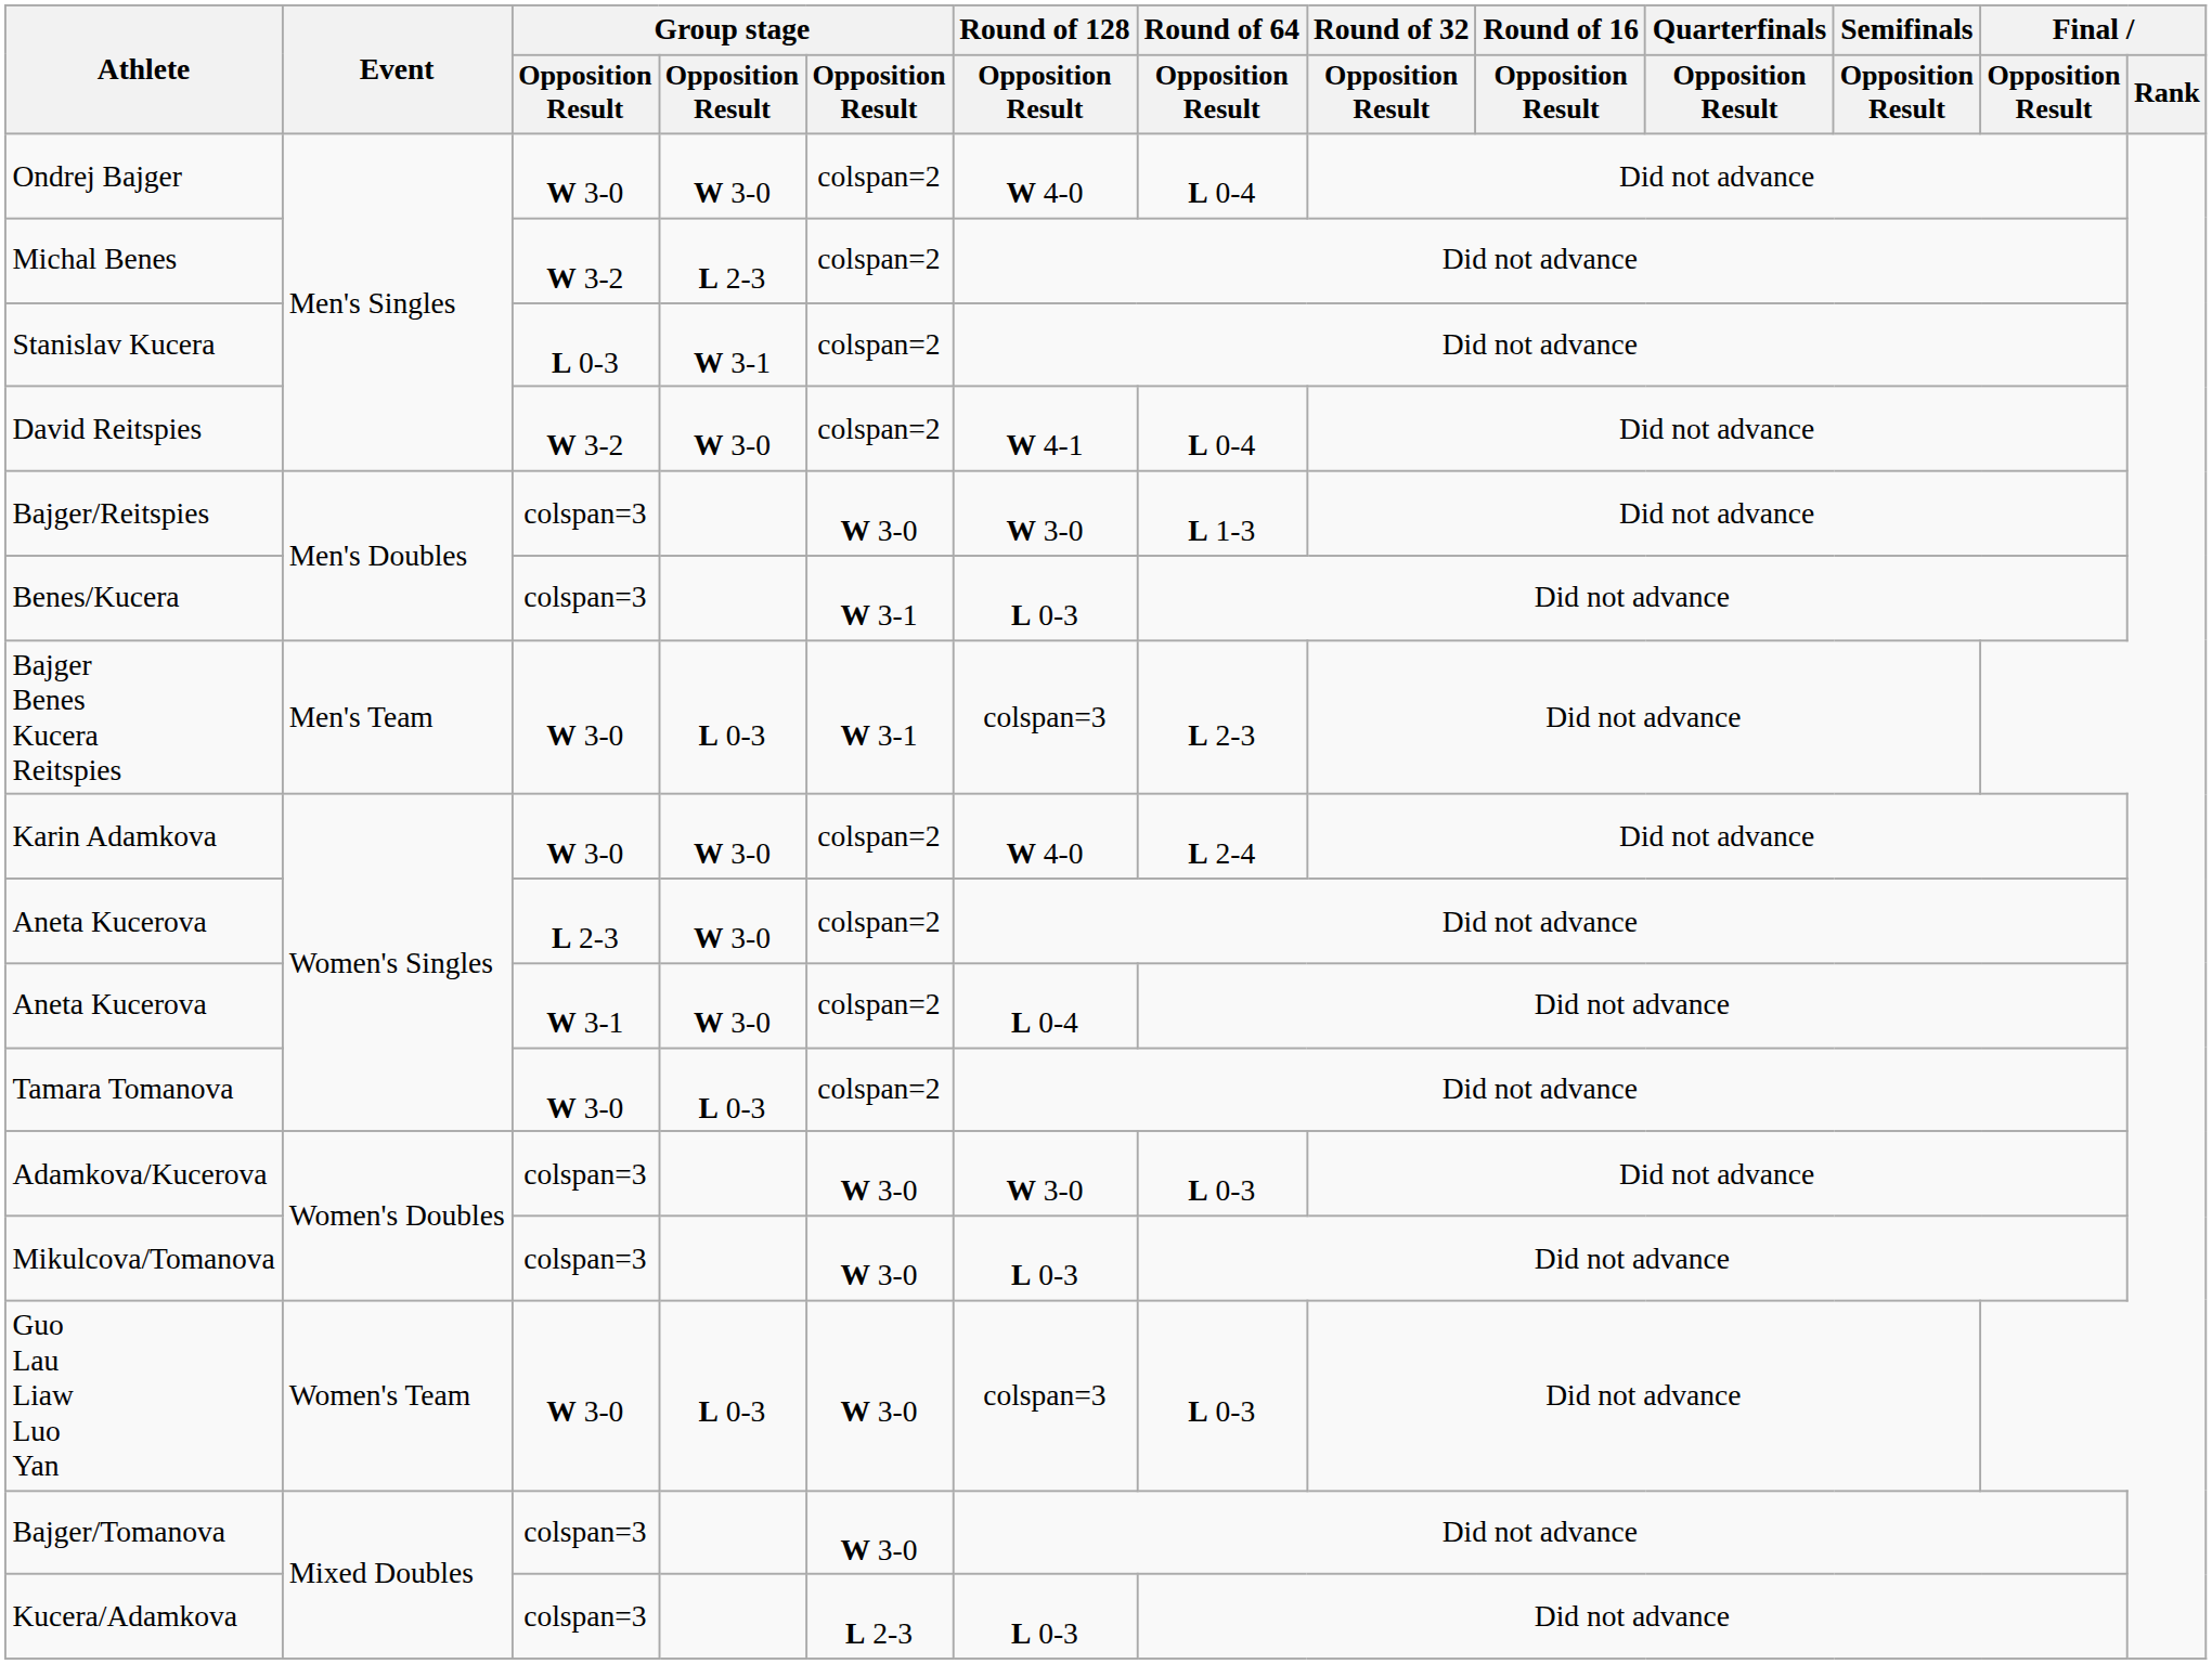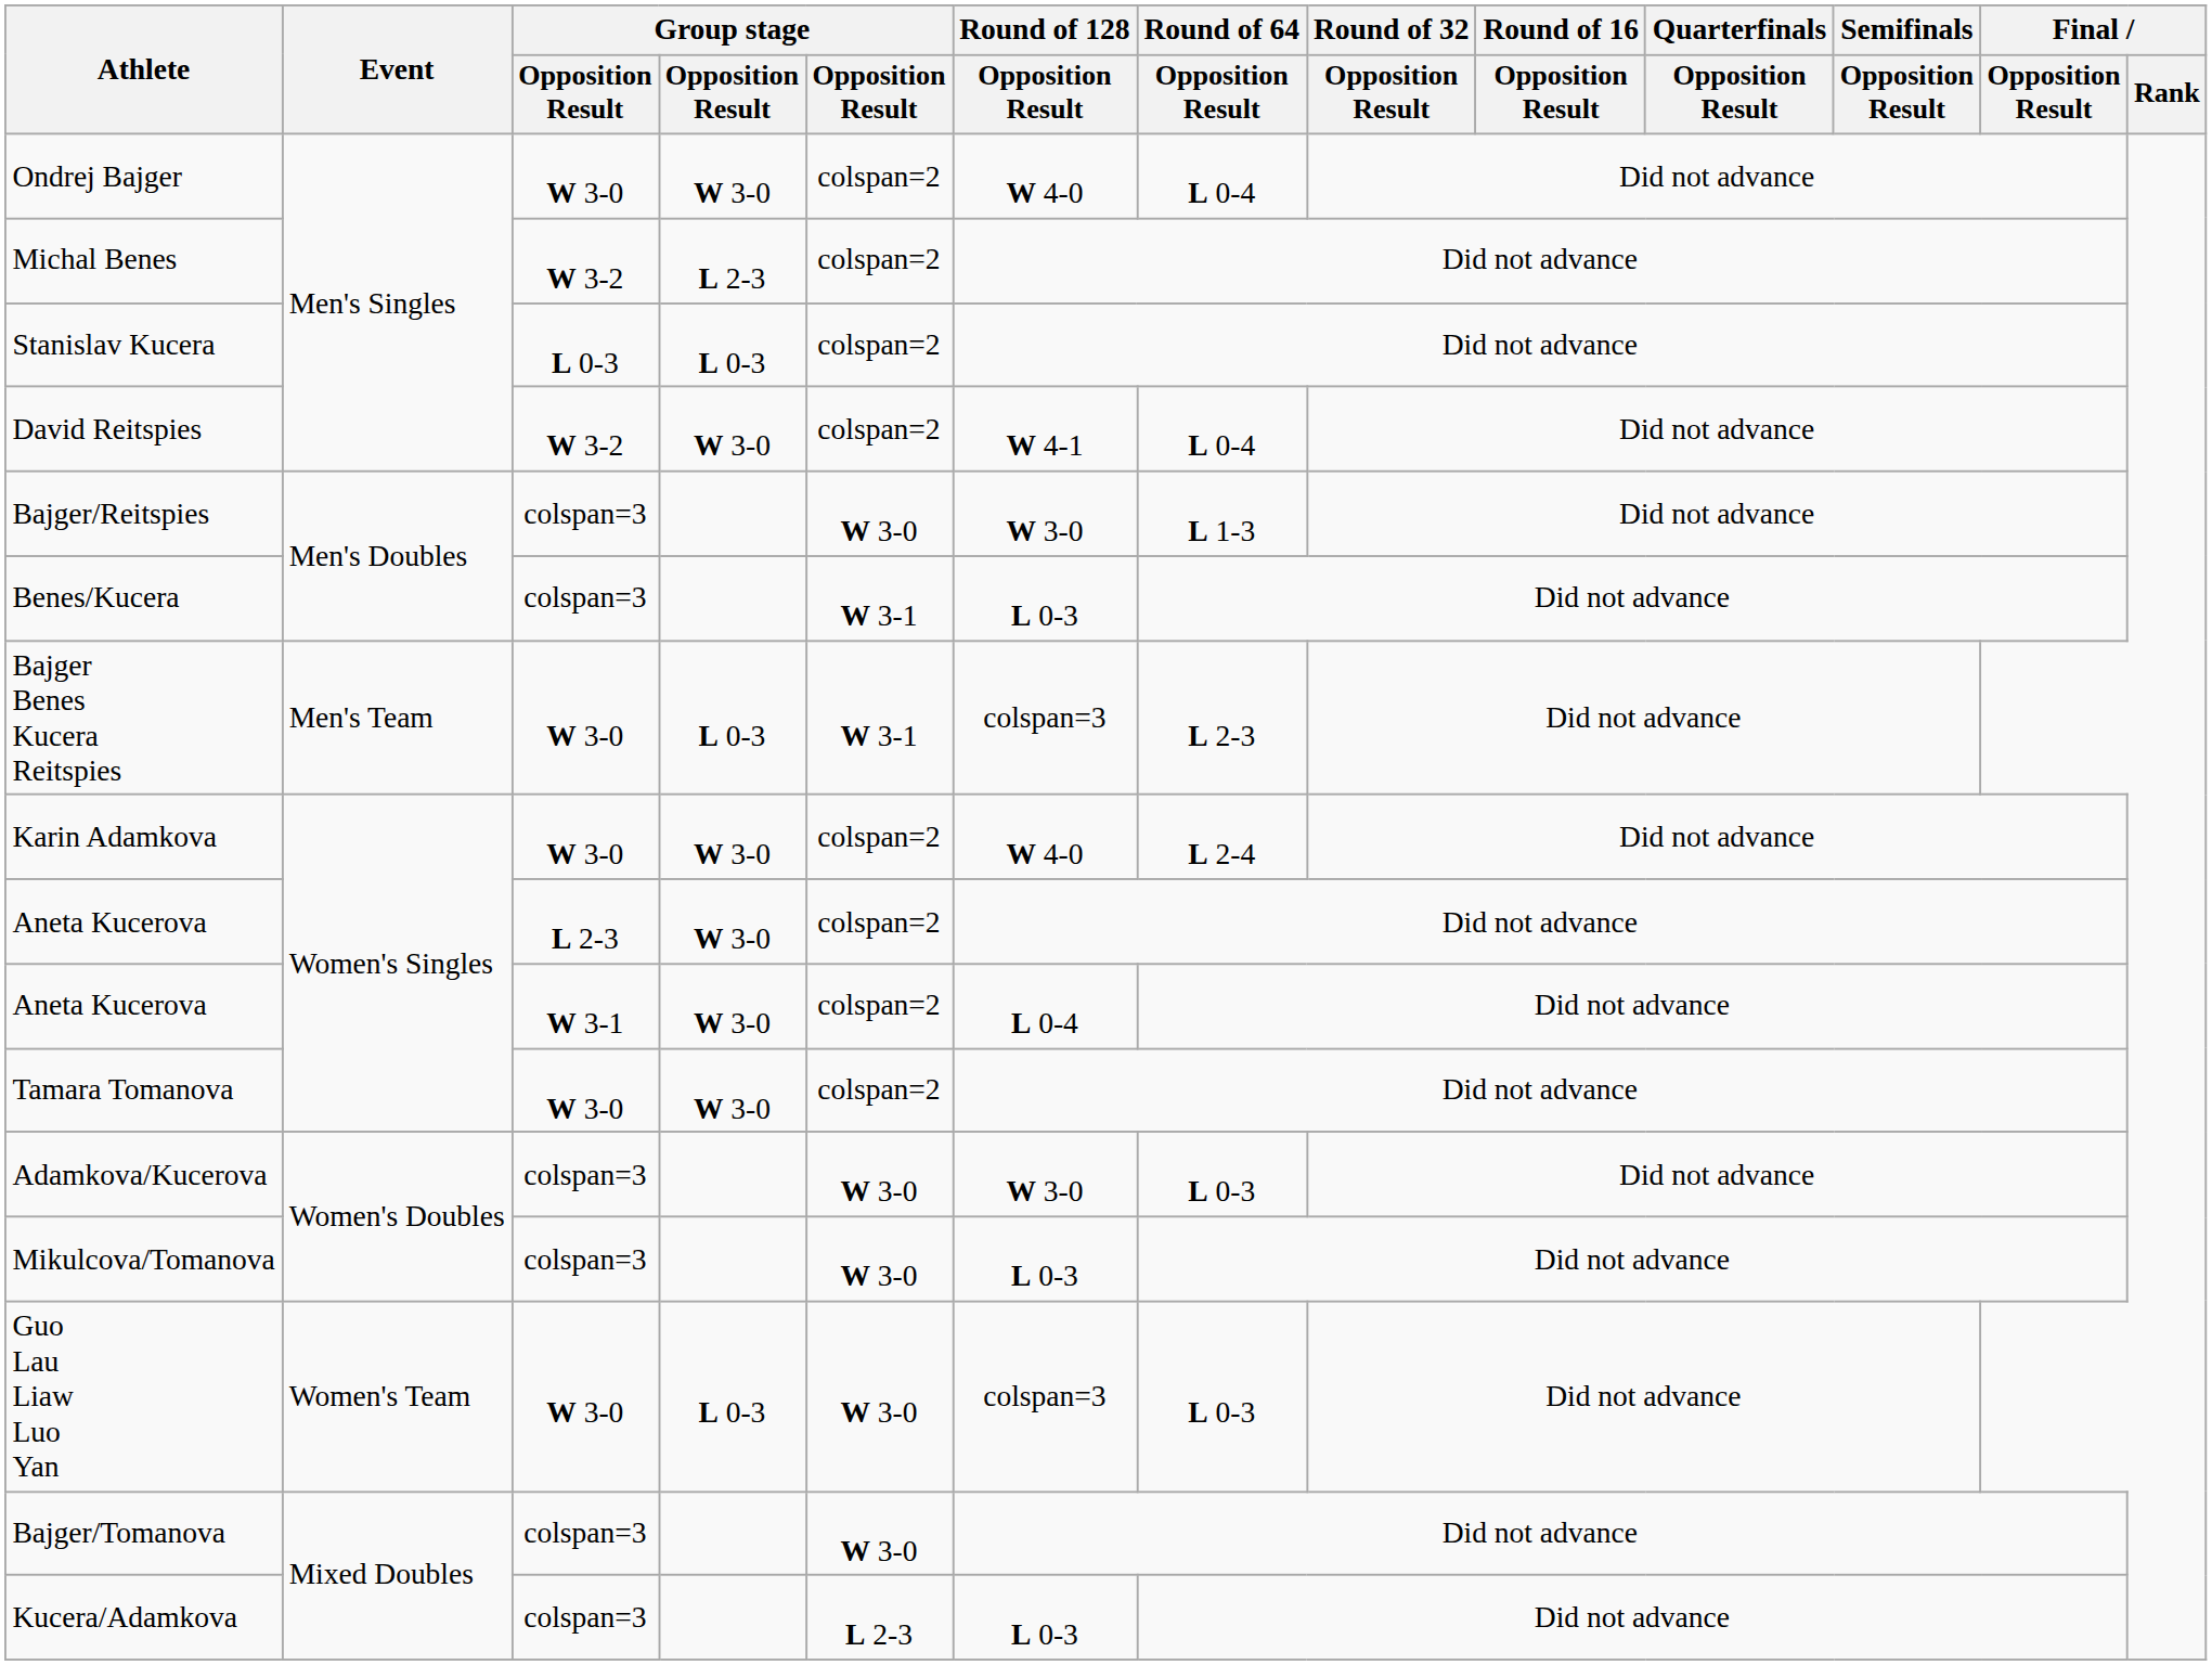 <table class="wikitable" style="font-size:90%;">
 <tr>
 <th rowspan=2>Athlete</th>
 <th rowspan=2>Event</th>
 <th colspan=3>Group stage</th>
 <th>Round of 128</th>
 <th>Round of 64</th>
 <th>Round of 32</th>
 <th>Round of 16</th>
 <th>Quarterfinals</th>
 <th>Semifinals</th>
 <th colspan=2>Final / </th>
 </tr>
 <tr style="font-size:95%">
 <th>Opposition<br>Result</th>
 <th>Opposition<br>Result</th>
 <th>Opposition<br>Result</th>
 <th>Opposition<br>Result</th>
 <th>Opposition<br>Result</th>
 <th>Opposition<br>Result</th>
 <th>Opposition<br>Result</th>
 <th>Opposition<br>Result</th>
 <th>Opposition<br>Result</th>
 <th>Opposition<br>Result</th>
 <th>Rank</th>
 </tr>
 <tr align=center>
 <td align=left>Ondrej Bajger</td>
 <td align=left rowspan=4>Men's Singles</td>
 <td><br><strong>W</strong> 3-0</td>
 <td><br><strong>W</strong> 3-0</td>
 <td>colspan=2 </td>
 <td><br><strong>W</strong> 4-0</td>
 <td><br><strong>L</strong> 0-4</td>
 <td colspan=5>Did not advance</td>
 </tr>
 <tr align=center>
 <td align=left>Michal Benes</td>
 <td><br><strong>W</strong> 3-2</td>
 <td><br><strong>L</strong> 2-3</td>
 <td>colspan=2 </td>
 <td colspan=7>Did not advance</td>
 </tr>
 <tr align=center>
 <td align=left>Stanislav Kucera</td>
 <td><br><strong>L</strong> 0-3</td>
-<td><br><strong>W</strong> 3-1</td>
+<td><br><strong>L</strong> 0-3</td>
 <td>colspan=2 </td>
 <td colspan=7>Did not advance</td>
 </tr>
 <tr align=center>
 <td align=left>David Reitspies</td>
 <td><br><strong>W</strong> 3-2</td>
 <td><br><strong>W</strong> 3-0</td>
 <td>colspan=2 </td>
 <td><br><strong>W</strong> 4-1</td>
 <td><br><strong>L</strong> 0-4</td>
 <td colspan=5>Did not advance</td>
 </tr>
 <tr align=center>
 <td align=left>Bajger/Reitspies</td>
 <td align=left rowspan=2>Men's Doubles</td>
 <td>colspan=3 </td>
 <td></td>
 <td><br><strong>W</strong> 3-0</td>
 <td><br><strong>W</strong> 3-0</td>
 <td><br><strong>L</strong> 1-3</td>
 <td colspan=5>Did not advance</td>
 </tr>
 <tr align=center>
 <td align=left>Benes/Kucera</td>
 <td>colspan=3 </td>
 <td></td>
 <td><br><strong>W</strong> 3-1</td>
 <td><br><strong>L</strong> 0-3</td>
 <td colspan=6>Did not advance</td>
 </tr>
 <tr align=center>
 <td align=left>Bajger<br>Benes<br>Kucera<br>Reitspies</td>
 <td align=left>Men's Team</td>
 <td><br><strong>W</strong> 3-0</td>
 <td><br><strong>L</strong> 0-3</td>
 <td><br><strong>W</strong> 3-1</td>
 <td>colspan=3 </td>
 <td><br><strong>L</strong> 2-3</td>
 <td colspan=4>Did not advance</td>
 </tr>
 <tr align=center>
 <td align=left>Karin Adamkova</td>
 <td align=left rowspan=4>Women's Singles</td>
 <td><br><strong>W</strong> 3-0</td>
 <td><br><strong>W</strong> 3-0</td>
 <td>colspan=2 </td>
 <td><br><strong>W</strong> 4-0</td>
 <td><br><strong>L</strong> 2-4</td>
 <td colspan=5>Did not advance</td>
 </tr>
 <tr align=center>
 <td align=left>Aneta Kucerova</td>
 <td><br><strong>L</strong> 2-3</td>
 <td><br><strong>W</strong> 3-0</td>
 <td>colspan=2 </td>
 <td colspan=7>Did not advance</td>
 </tr>
 <tr align=center>
 <td align=left>Aneta Kucerova</td>
 <td><br><strong>W</strong> 3-1</td>
 <td><br><strong>W</strong> 3-0</td>
 <td>colspan=2 </td>
 <td><br><strong>L</strong> 0-4</td>
 <td colspan=6>Did not advance</td>
 </tr>
 <tr align=center>
 <td align=left>Tamara Tomanova</td>
 <td><br><strong>W</strong> 3-0</td>
-<td><br><strong>L</strong> 0-3</td>
+<td><br><strong>W</strong> 3-0</td>
 <td>colspan=2 </td>
 <td colspan=7>Did not advance</td>
 </tr>
 <tr align=center>
 <td align=left>Adamkova/Kucerova</td>
 <td align=left rowspan=2>Women's Doubles</td>
 <td>colspan=3 </td>
 <td></td>
 <td><br><strong>W</strong> 3-0</td>
 <td><br><strong>W</strong> 3-0</td>
 <td><br><strong>L</strong> 0-3</td>
 <td colspan=5>Did not advance</td>
 </tr>
 <tr align=center>
 <td align=left>Mikulcova/Tomanova</td>
 <td>colspan=3 </td>
 <td></td>
 <td><br><strong>W</strong> 3-0</td>
 <td><br><strong>L</strong> 0-3</td>
 <td colspan=6>Did not advance</td>
 </tr>
 <tr align=center>
 <td align=left>Guo<br>Lau<br>Liaw<br>Luo<br>Yan</td>
 <td align=left>Women's Team</td>
 <td><br><strong>W</strong> 3-0</td>
 <td><br><strong>L</strong> 0-3</td>
 <td><br><strong>W</strong> 3-0</td>
 <td>colspan=3 </td>
 <td><br><strong>L</strong> 0-3</td>
 <td colspan=4>Did not advance</td>
 </tr>
 <tr align=center>
 <td align=left>Bajger/Tomanova</td>
 <td align=left rowspan=2>Mixed Doubles</td>
 <td>colspan=3 </td>
 <td></td>
 <td><br><strong>W</strong> 3-0</td>
 <td colspan=7>Did not advance</td>
 </tr>
 <tr align=center>
 <td align=left>Kucera/Adamkova</td>
 <td>colspan=3 </td>
 <td></td>
 <td><br><strong>L</strong> 2-3</td>
 <td><br><strong>L</strong> 0-3</td>
 <td colspan=6>Did not advance</td>
 </tr>
 </table>
